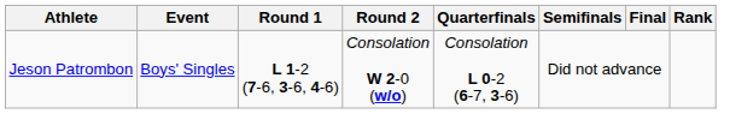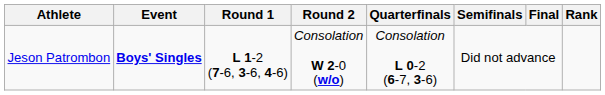 <table class=wikitable style="font-size:90%">
 <tr>
 <th>Athlete</th>
 <th>Event</th>
 <th>Round 1</th>
 <th>Round 2</th>
 <th>Quarterfinals</th>
 <th>Semifinals</th>
 <th>Final</th>
 <th>Rank</th>
 </tr>
 <tr>
 <td><a href='#'>Jeson Patrombon</a></td>
-<td><a href='#'>Boys' Singles</a></td>
+<td><strong><a href='#'>Boys' Singles</a></strong></td>
 <td align=center><br><strong>L</strong> <strong>1</strong>-2<br> (<strong>7</strong>-6, <strong>3</strong>-6, <strong>4</strong>-6)</td>
 <td align=center><em>Consolation</em><br><br><strong>W</strong> <strong>2</strong>-0<br> (<strong><a href='#'>w/o</a></strong>)</td>
 <td align=center><em>Consolation</em><br><br><strong>L</strong> <strong>0</strong>-2<br> (<strong>6</strong>-7, <strong>3</strong>-6)</td>
 <td colspan=2 align=center>Did not advance</td>
 <td align=center></td>
 </tr>
 </table>
